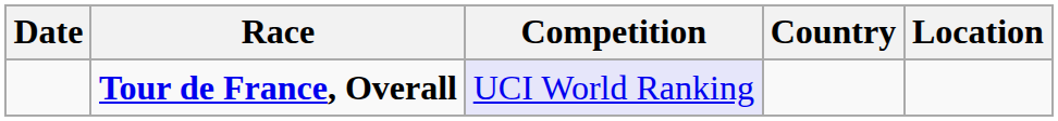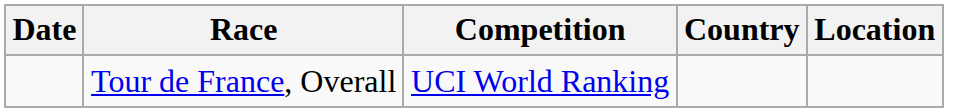 <table class="wikitable sortable">
 <tr>
 <th>Date</th>
 <th>Race</th>
 <th>Competition</th>
 <th>Country</th>
 <th>Location</th>
 </tr>
 <tr>
 <td></td>
-<td><strong><a href='#'>Tour de France</a>, Overall</strong></td>
-<td style="background: lavender;"><a href='#'>UCI World Ranking</a></td>
+<td><a href='#'>Tour de France</a>, Overall</td>
+<td><a href='#'>UCI World Ranking</a></td>
 <td></td>
 <td></td>
 </tr>
 </table>
